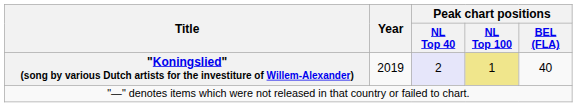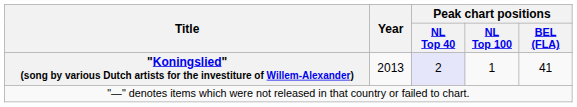 <table class="wikitable plainrowheaders" style="text-align:center;" border="1">
 <tr>
 <th scope="col" rowspan="2" style="width:30em;">Title</th>
 <th scope="col" rowspan="2" style="width:3em;">Year</th>
 <th scope="col" colspan="3">Peak chart positions</th>
 </tr>
 <tr>
 <th scope="col" style="width:4.5em;font-size:90%;"><a href='#'>NL<br>Top 40</a><br></th>
 <th scope="col" style="width:4.5em;font-size:90%;"><a href='#'>NL<br>Top 100</a><br></th>
 <th scope="col" style="width:4.5em;font-size:90%;"><a href='#'>BEL<br>(FLA)</a><br></th>
 </tr>
 <tr>
 <th scope="row">"<a href='#'>Koningslied</a>"<br><small>(song by various Dutch artists for the investiture of <a href='#'>Willem-Alexander</a>)</small></th>
-<td rowspan="1">2019</td>
+<td rowspan="1">2013</td>
 <td style="background: lavender;">2</td>
-<td style="background: khaki;">1</td>
-<td>40</td>
+<td>1</td>
+<td>41</td>
 </tr>
 <tr>
 <td colspan="7" align="center" style="font-size:90%;">"—" denotes items which were not released in that country or failed to chart.</td>
 </tr>
 </table>
